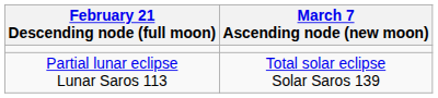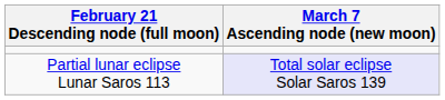 <table class="wikitable">
 <tr>
 <th><a href='#'>February 21</a><br>Descending node (full moon)<br></th>
 <th><a href='#'>March 7</a><br>Ascending node (new moon)<br></th>
 </tr>
 <tr>
 <td></td>
 <td></td>
 </tr>
 <tr align=center>
 <td><a href='#'>Partial lunar eclipse</a><br>Lunar Saros 113</td>
-<td><a href='#'>Total solar eclipse</a><br>Solar Saros 139</td>
+<td style="background: lavender;"><a href='#'>Total solar eclipse</a><br>Solar Saros 139</td>
 </tr>
 </table>
